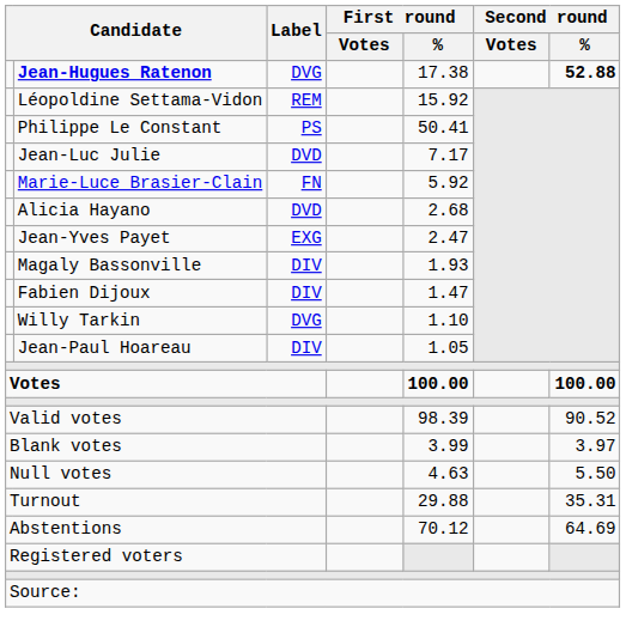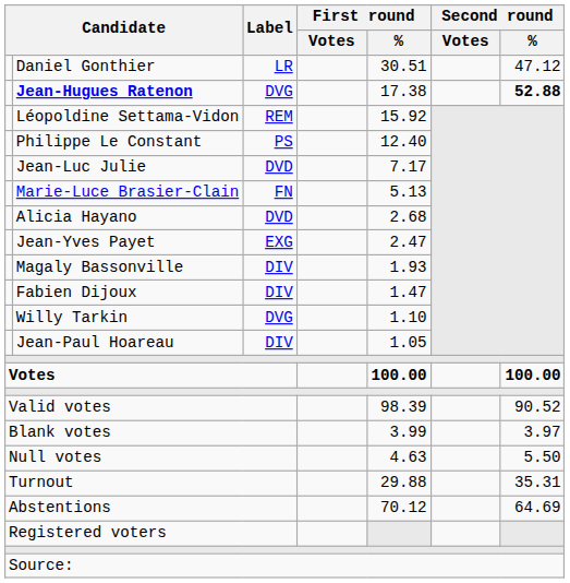 <table class="wikitable" style="text-align:right;font-size:95%;">
 <tr>
 <th colspan="2" rowspan="2">Candidate</th>
 <th rowspan="2">Label</th>
 <th colspan="2">First round</th>
 <th colspan="2">Second round</th>
 </tr>
 <tr>
 <th style="width:50px;">Votes</th>
 <th style="width:45px;">%</th>
 <th style="width:50px;">Votes</th>
 <th style="width:45px;">%</th>
+</tr>
+<tr>
+<td style="color:inherit;background:"></td>
+<td style="text-align:left;">Daniel Gonthier</td>
+<td><a href='#'>LR</a></td>
+<td></td>
+<td>30.51</td>
+<td></td>
+<td>47.12</td>
 </tr>
 <tr>
 <td style="color:inherit;background:"></td>
 <td style="text-align:left;"><strong><a href='#'>Jean-Hugues Ratenon</a></strong></td>
 <td><a href='#'>DVG</a></td>
 <td></td>
 <td>17.38</td>
 <td><strong></strong></td>
 <td><strong>52.88</strong></td>
 </tr>
 <tr>
 <td style="color:inherit;background:"></td>
 <td style="text-align:left;">Léopoldine Settama-Vidon</td>
 <td><a href='#'>REM</a></td>
 <td></td>
 <td>15.92</td>
 <td colspan="2" rowspan="10" style="background:#E9E9E9;"></td>
 </tr>
 <tr>
 <td style="color:inherit;background:"></td>
 <td style="text-align:left;">Philippe Le Constant</td>
 <td><a href='#'>PS</a></td>
 <td></td>
-<td>50.41</td>
+<td>12.40</td>
 </tr>
 <tr>
 <td style="color:inherit;background:"></td>
 <td style="text-align:left;">Jean-Luc Julie</td>
 <td><a href='#'>DVD</a></td>
 <td></td>
 <td>7.17</td>
 </tr>
 <tr>
 <td style="color:inherit;background:"></td>
 <td style="text-align:left;"><a href='#'>Marie-Luce Brasier-Clain</a></td>
 <td><a href='#'>FN</a></td>
 <td></td>
-<td>5.92</td>
+<td>5.13</td>
 </tr>
 <tr>
 <td style="color:inherit;background:"></td>
 <td style="text-align:left;">Alicia Hayano</td>
 <td><a href='#'>DVD</a></td>
 <td></td>
 <td>2.68</td>
 </tr>
 <tr>
 <td style="color:inherit;background:"></td>
 <td style="text-align:left;">Jean-Yves Payet</td>
 <td><a href='#'>EXG</a></td>
 <td></td>
 <td>2.47</td>
 </tr>
 <tr>
 <td style="color:inherit;background:"></td>
 <td style="text-align:left;">Magaly Bassonville</td>
 <td><a href='#'>DIV</a></td>
 <td></td>
 <td>1.93</td>
 </tr>
 <tr>
 <td style="color:inherit;background:"></td>
 <td style="text-align:left;">Fabien Dijoux</td>
 <td><a href='#'>DIV</a></td>
 <td></td>
 <td>1.47</td>
 </tr>
 <tr>
 <td style="color:inherit;background:"></td>
 <td style="text-align:left;">Willy Tarkin</td>
 <td><a href='#'>DVG</a></td>
 <td></td>
 <td>1.10</td>
 </tr>
 <tr>
 <td style="color:inherit;background:"></td>
 <td style="text-align:left;">Jean-Paul Hoareau</td>
 <td><a href='#'>DIV</a></td>
 <td></td>
 <td>1.05</td>
 </tr>
 <tr>
 <td colspan="7" style="background:#E9E9E9;"></td>
 </tr>
 <tr style="font-weight:bold;">
 <td colspan="3" style="text-align:left;">Votes</td>
 <td></td>
 <td>100.00</td>
 <td></td>
 <td>100.00</td>
 </tr>
 <tr>
 <td colspan="7" style="background:#E9E9E9;"></td>
 </tr>
 <tr>
 <td colspan="3" style="text-align:left;">Valid votes</td>
 <td></td>
 <td>98.39</td>
 <td></td>
 <td>90.52</td>
 </tr>
 <tr>
 <td colspan="3" style="text-align:left;">Blank votes</td>
 <td></td>
 <td>3.99</td>
 <td></td>
 <td>3.97</td>
 </tr>
 <tr>
 <td colspan="3" style="text-align:left;">Null votes</td>
 <td></td>
 <td>4.63</td>
 <td></td>
 <td>5.50</td>
 </tr>
 <tr>
 <td colspan="3" style="text-align:left;">Turnout</td>
 <td></td>
 <td>29.88</td>
 <td></td>
 <td>35.31</td>
 </tr>
 <tr>
 <td colspan="3" style="text-align:left;">Abstentions</td>
 <td></td>
 <td>70.12</td>
 <td></td>
 <td>64.69</td>
 </tr>
 <tr>
 <td colspan="3" style="text-align:left;">Registered voters</td>
 <td></td>
 <td style="background:#E9E9E9;"></td>
 <td></td>
 <td style="background:#E9E9E9;"></td>
 </tr>
 <tr>
 <td colspan="7" style="background:#E9E9E9;"></td>
 </tr>
 <tr>
 <td colspan="7" style="text-align:left;">Source: </td>
 </tr>
 </table>
